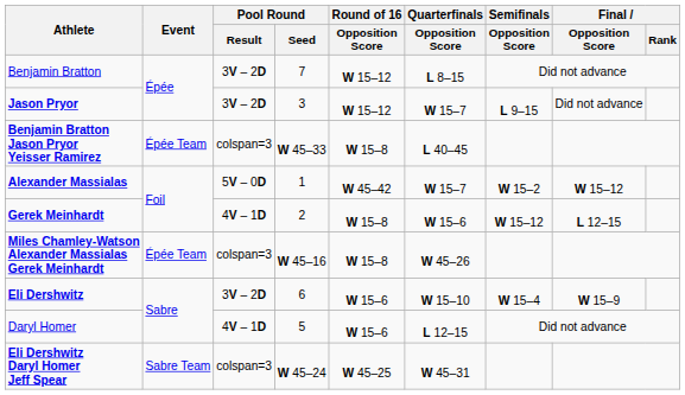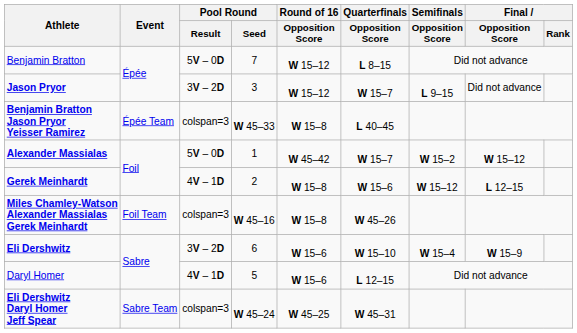 <table class=wikitable style="font-size:90%">
 <tr>
 <th rowspan="2">Athlete</th>
 <th rowspan="2">Event</th>
 <th colspan=2>Pool Round</th>
 <th>Round of 16</th>
 <th>Quarterfinals</th>
 <th>Semifinals</th>
 <th colspan=2>Final / </th>
 </tr>
 <tr style="font-size:95%">
 <th>Result</th>
 <th>Seed</th>
 <th>Opposition<br>Score</th>
 <th>Opposition<br>Score</th>
 <th>Opposition<br>Score</th>
 <th>Opposition<br>Score</th>
 <th>Rank</th>
 </tr>
 <tr align=center>
 <td align=left><a href='#'>Benjamin Bratton</a></td>
 <td align=left rowspan=2><a href='#'>Épée</a></td>
-<td>3<strong>V</strong> – 2<strong>D</strong></td>
+<td>5<strong>V</strong> – 0<strong>D</strong></td>
 <td>7</td>
 <td><br><strong>W</strong> 15–12</td>
 <td><br><strong>L</strong> 8–15</td>
 <td colspan=3>Did not advance</td>
 </tr>
 <tr align=center>
 <td align=left><strong><a href='#'>Jason Pryor</a></strong></td>
 <td>3<strong>V</strong> – 2<strong>D</strong></td>
 <td>3</td>
 <td><br><strong>W</strong> 15–12</td>
 <td><br><strong>W</strong> 15–7</td>
 <td><br><strong>L</strong> 9–15</td>
 <td>Did not advance</td>
 <td></td>
 </tr>
 <tr align=center>
 <td align=left><strong><a href='#'>Benjamin Bratton</a><br><a href='#'>Jason Pryor</a><br><a href='#'>Yeisser Ramirez</a></strong></td>
 <td align=left><a href='#'>Épée Team</a></td>
 <td>colspan=3 </td>
 <td><br><strong>W</strong> 45–33</td>
 <td><br><strong>W</strong> 15–8</td>
 <td><br><strong>L</strong> 40–45</td>
 <td></td>
 </tr>
 <tr align=center>
 <td align=left><strong><a href='#'>Alexander Massialas</a></strong></td>
 <td align=left rowspan=2><a href='#'>Foil</a></td>
 <td>5<strong>V</strong> – 0<strong>D</strong></td>
 <td>1</td>
 <td><br><strong>W</strong> 45–42</td>
 <td><br><strong>W</strong> 15–7</td>
 <td><br><strong>W</strong> 15–2</td>
 <td><br><strong>W</strong> 15–12</td>
 <td></td>
 </tr>
 <tr align=center>
 <td align=left><strong><a href='#'>Gerek Meinhardt</a></strong></td>
 <td>4<strong>V</strong> – 1<strong>D</strong></td>
 <td>2</td>
 <td><br><strong>W</strong> 15–8</td>
 <td><br><strong>W</strong> 15–6</td>
 <td><br><strong>W</strong> 15–12</td>
 <td><br><strong>L</strong> 12–15</td>
 <td></td>
 </tr>
 <tr align=center>
 <td align=left><strong><a href='#'>Miles Chamley-Watson</a><br><a href='#'>Alexander Massialas</a><br><a href='#'>Gerek Meinhardt</a></strong></td>
-<td align=left><a href='#'>Épée Team</a></td>
+<td align=left><a href='#'>Foil Team</a></td>
 <td>colspan=3 </td>
 <td><br><strong>W</strong> 45–16</td>
 <td><br><strong>W</strong> 15–8</td>
 <td><br><strong>W</strong> 45–26</td>
 <td></td>
 </tr>
 <tr align=center>
 <td align=left><strong><a href='#'>Eli Dershwitz</a></strong></td>
 <td align=left rowspan=2><a href='#'>Sabre</a></td>
 <td>3<strong>V</strong> – 2<strong>D</strong></td>
 <td>6</td>
 <td><br><strong>W</strong> 15–6</td>
 <td><br><strong>W</strong> 15–10</td>
 <td><br><strong>W</strong> 15–4</td>
 <td><br><strong>W</strong> 15–9</td>
 <td></td>
 </tr>
 <tr align=center>
 <td align=left><a href='#'>Daryl Homer</a></td>
 <td>4<strong>V</strong> – 1<strong>D</strong></td>
 <td>5</td>
 <td><br><strong>W</strong> 15–6</td>
 <td><br><strong>L</strong> 12–15</td>
 <td colspan=3>Did not advance</td>
 </tr>
 <tr align=center>
 <td align=left><strong><a href='#'>Eli Dershwitz</a><br><a href='#'>Daryl Homer</a><br><a href='#'>Jeff Spear</a></strong></td>
 <td align=left><a href='#'>Sabre Team</a></td>
 <td>colspan=3 </td>
 <td><br><strong>W</strong> 45–24</td>
 <td><br><strong>W</strong> 45–25</td>
 <td><br><strong>W</strong> 45–31</td>
 <td></td>
 </tr>
 </table>
